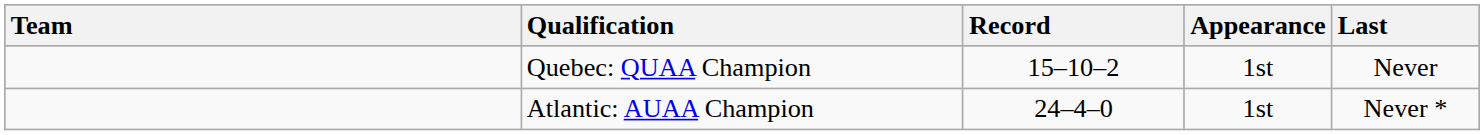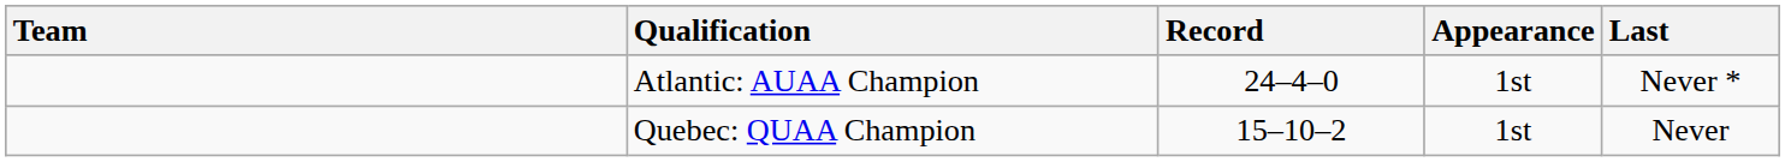 <table class="wikitable sortable" style="text-align: center;" width=900>
 <tr style="background:#efefef; text-align:center">
 <th style="text-align:left" width=35%>Team</th>
 <th style="text-align:left" width=30%>Qualification</th>
 <th style="text-align:left" width=15%>Record</th>
 <th style="text-align:left" width=10%>Appearance</th>
 <th style="text-align:left" width=10%>Last</th>
 </tr>
 <tr style="text-align:center">
 <td style="text-align:left; "><a href='#'></a></td>
+<td style="text-align:left">Atlantic: <a href='#'>AUAA</a> Champion</td>
+<td style="text-align:center">24–4–0</td>
+<td style="text-align:center">1st</td>
+<td style="text-align:center">Never *</td>
+</tr>
+<tr style="text-align:center">
+<td style="text-align:left; "><a href='#'></a></td>
 <td style="text-align:left">Quebec: <a href='#'>QUAA</a> Champion</td>
 <td style="text-align:center">15–10–2</td>
 <td style="text-align:center">1st</td>
 <td style="text-align:center">Never</td>
 </tr>
-<tr style="text-align:center">
-<td style="text-align:left; "><a href='#'></a></td>
-<td style="text-align:left">Atlantic: <a href='#'>AUAA</a> Champion</td>
-<td style="text-align:center">24–4–0</td>
-<td style="text-align:center">1st</td>
-<td style="text-align:center">Never *</td>
-</tr>
 </table>
